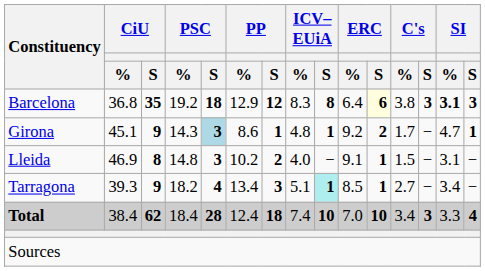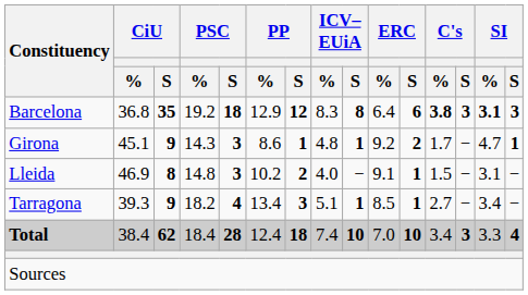 <table class="wikitable sortable" style="text-align:right; line-height:20px;">
 <tr>
 <th rowspan="3">Constituency</th>
 <th colspan="2" width="30px" class="unsortable"><a href='#'>CiU</a></th>
 <th colspan="2" width="30px" class="unsortable"><a href='#'>PSC</a></th>
 <th colspan="2" width="30px" class="unsortable"><a href='#'>PP</a></th>
 <th colspan="2" width="30px" class="unsortable"><a href='#'>ICV–EUiA</a></th>
 <th colspan="2" width="30px" class="unsortable"><a href='#'>ERC</a></th>
 <th colspan="2" width="30px" class="unsortable"><a href='#'>C's</a></th>
 <th colspan="2" width="30px" class="unsortable"><a href='#'>SI</a></th>
 </tr>
 <tr>
 <th colspan="2" style="background:"></th>
 <th colspan="2" style="background:"></th>
 <th colspan="2" style="background:"></th>
 <th colspan="2" style="background:"></th>
 <th colspan="2" style="background:"></th>
 <th colspan="2" style="background:"></th>
 <th colspan="2" style="background:"></th>
 </tr>
 <tr>
 <th data-sort-type="number">%</th>
 <th data-sort-type="number">S</th>
 <th data-sort-type="number">%</th>
 <th data-sort-type="number">S</th>
 <th data-sort-type="number">%</th>
 <th data-sort-type="number">S</th>
 <th data-sort-type="number">%</th>
 <th data-sort-type="number">S</th>
 <th data-sort-type="number">%</th>
 <th data-sort-type="number">S</th>
 <th data-sort-type="number">%</th>
 <th data-sort-type="number">S</th>
 <th data-sort-type="number">%</th>
 <th data-sort-type="number">S</th>
 </tr>
 <tr>
 <td align="left"><a href='#'>Barcelona</a></td>
 <td style="background:">36.8</td>
 <td><strong>35</strong></td>
 <td>19.2</td>
 <td><strong>18</strong></td>
 <td>12.9</td>
 <td><strong>12</strong></td>
 <td>8.3</td>
 <td><strong>8</strong></td>
 <td>6.4</td>
-<td style="background: lightyellow;"><strong>6</strong></td>
-<td>3.8</td>
+<td><strong>6</strong></td>
+<td><strong>3.8</strong></td>
 <td><strong>3</strong></td>
 <td><strong>3.1</strong></td>
 <td><strong>3</strong></td>
 </tr>
 <tr>
 <td align="left"><a href='#'>Girona</a></td>
 <td style="background:">45.1</td>
 <td><strong>9</strong></td>
 <td>14.3</td>
-<td style="background: lightblue;"><strong>3</strong></td>
+<td><strong>3</strong></td>
 <td>8.6</td>
 <td><strong>1</strong></td>
 <td>4.8</td>
 <td><strong>1</strong></td>
 <td>9.2</td>
 <td><strong>2</strong></td>
 <td>1.7</td>
 <td>−</td>
 <td>4.7</td>
 <td><strong>1</strong></td>
 </tr>
 <tr>
 <td align="left"><a href='#'>Lleida</a></td>
 <td style="background:">46.9</td>
 <td><strong>8</strong></td>
 <td>14.8</td>
 <td><strong>3</strong></td>
 <td>10.2</td>
 <td><strong>2</strong></td>
 <td>4.0</td>
 <td>−</td>
 <td>9.1</td>
 <td><strong>1</strong></td>
 <td>1.5</td>
 <td>−</td>
 <td>3.1</td>
 <td>−</td>
 </tr>
 <tr>
 <td align="left"><a href='#'>Tarragona</a></td>
 <td style="background:">39.3</td>
 <td><strong>9</strong></td>
 <td>18.2</td>
 <td><strong>4</strong></td>
 <td>13.4</td>
 <td><strong>3</strong></td>
 <td>5.1</td>
-<td style="background: paleturquoise;"><strong>1</strong></td>
+<td><strong>1</strong></td>
 <td>8.5</td>
 <td><strong>1</strong></td>
 <td>2.7</td>
 <td>−</td>
 <td>3.4</td>
 <td>−</td>
 </tr>
 <tr style="background:#CDCDCD;">
 <td align="left"><strong>Total</strong></td>
 <td style="background:">38.4</td>
 <td><strong>62</strong></td>
 <td>18.4</td>
 <td><strong>28</strong></td>
 <td>12.4</td>
 <td><strong>18</strong></td>
 <td>7.4</td>
 <td><strong>10</strong></td>
 <td>7.0</td>
 <td><strong>10</strong></td>
 <td>3.4</td>
 <td><strong>3</strong></td>
 <td>3.3</td>
 <td><strong>4</strong></td>
 </tr>
 <tr>
 <th colspan="15"></th>
 </tr>
 <tr>
 <th style="text-align:left; font-weight:normal; background:#F9F9F9" colspan="15">Sources</th>
 </tr>
 </table>
